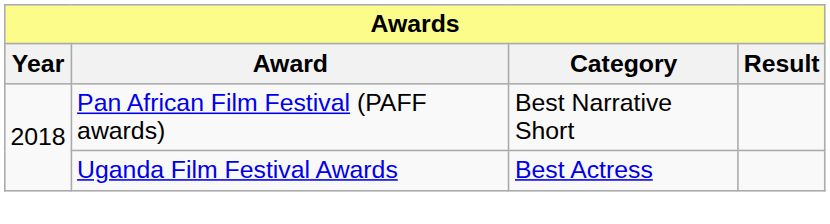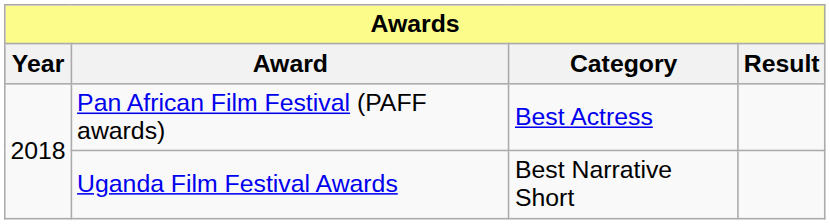 <table class="wikitable" width="60%">
 <tr>
 <th colspan="4" style="background: #FBFC8A;">Awards</th>
 </tr>
 <tr style="background:#ccc; text-align:center;">
 <th>Year</th>
 <th>Award</th>
 <th>Category</th>
 <th>Result</th>
 </tr>
 <tr>
 <td rowspan=2>2018</td>
 <td><a href='#'>Pan African Film Festival</a> (PAFF awards)</td>
-<td>Best Narrative Short</td>
+<td><a href='#'>Best Actress</a></td>
 <td></td>
 </tr>
 <tr>
 <td><a href='#'>Uganda Film Festival Awards</a></td>
-<td><a href='#'>Best Actress</a></td>
+<td>Best Narrative Short</td>
 <td></td>
 </tr>
 </table>
